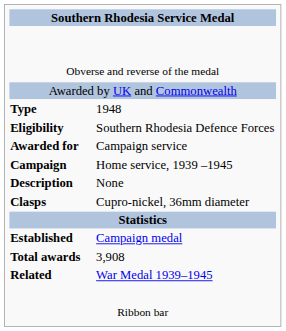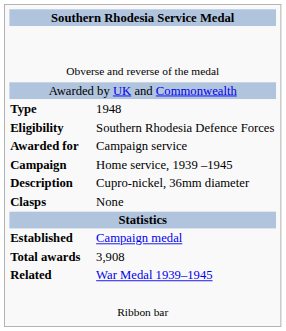 <table class="infobox" style="width: 315px; border-spacing: 2px; text-align: left; font-size: 90%;">
 <tr>
 <th colspan="2" style="background-color: #B0C4DE; text-align: center; vertical-align: middle;">Southern Rhodesia Service Medal</th>
 </tr>
 <tr>
 <td colspan="2" style="text-align: center; font-size: 90%; line-height: 1.5em;"><br><br><div> Obverse and reverse of the medal</div></td>
 </tr>
 <tr>
 <td colspan="2" style="background-color: #B0C4DE; text-align: center; vertical-align: middle;">Awarded by <a href='#'>UK</a> and <a href='#'>Commonwealth</a></td>
 </tr>
 <tr>
 <td style="padding-right:1em; font-weight:bold">Type</td>
 <td>1948</td>
 </tr>
 <tr>
 <td style="padding-right:1em; font-weight:bold">Eligibility</td>
 <td>Southern Rhodesia Defence Forces</td>
 </tr>
 <tr>
 <td style="padding-right:1em; font-weight:bold">Awarded for</td>
 <td>Campaign service</td>
 </tr>
 <tr>
 <td style="padding-right:1em; font-weight:bold">Campaign</td>
 <td>Home service, 1939 –1945</td>
 </tr>
 <tr>
 <td style="padding-right:1em; font-weight:bold">Description</td>
-<td>None</td>
+<td>Cupro-nickel, 36mm diameter</td>
 </tr>
 <tr>
 <td style="padding-right:1em; font-weight:bold">Clasps</td>
-<td>Cupro-nickel, 36mm diameter</td>
+<td>None</td>
 </tr>
 <tr>
 <th colspan="2" style="background-color: #B0C4DE; text-align: center; vertical-align: middle;">Statistics</th>
 </tr>
 <tr>
 <td style="padding-right:1em; font-weight:bold">Established</td>
 <td><a href='#'>Campaign medal</a></td>
 </tr>
 <tr>
 <td style="padding-right:1em; font-weight:bold">Total awards</td>
 <td>3,908</td>
 </tr>
 <tr>
 <td style="padding-right:1em; font-weight:bold">Related</td>
 <td><a href='#'>War Medal 1939–1945</a></td>
 </tr>
 <tr>
 <td colspan="2" style="text-align: center; font-size: 90%; line-height: 1.5em;"><div><br><div></div>Ribbon bar</div></td>
 </tr>
 </table>
